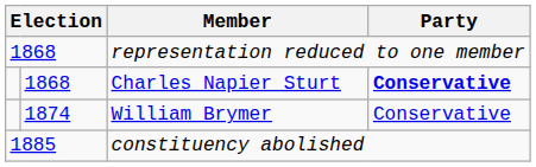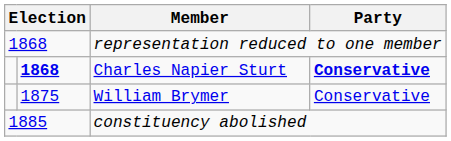 <table class="wikitable">
 <tr>
 <th colspan="2">Election</th>
 <th>Member</th>
 <th>Party</th>
 </tr>
 <tr>
 <td colspan="2"><a href='#'>1868</a></td>
 <td colspan="2"><em>representation reduced to one member</em></td>
 </tr>
 <tr>
 <td style="color:inherit;background-color: "></td>
-<td><a href='#'>1868</a></td>
+<td><strong><a href='#'>1868</a></strong></td>
 <td><a href='#'>Charles Napier Sturt</a></td>
 <td><strong><a href='#'>Conservative</a></strong></td>
 </tr>
 <tr>
 <td style="color:inherit;background-color: "></td>
-<td><a href='#'>1874</a></td>
+<td><a href='#'>1875</a></td>
 <td><a href='#'>William Brymer</a></td>
 <td><a href='#'>Conservative</a></td>
 </tr>
 <tr>
 <td colspan="2"><a href='#'>1885</a></td>
 <td colspan="2"><em>constituency abolished</em></td>
 </tr>
 </table>
